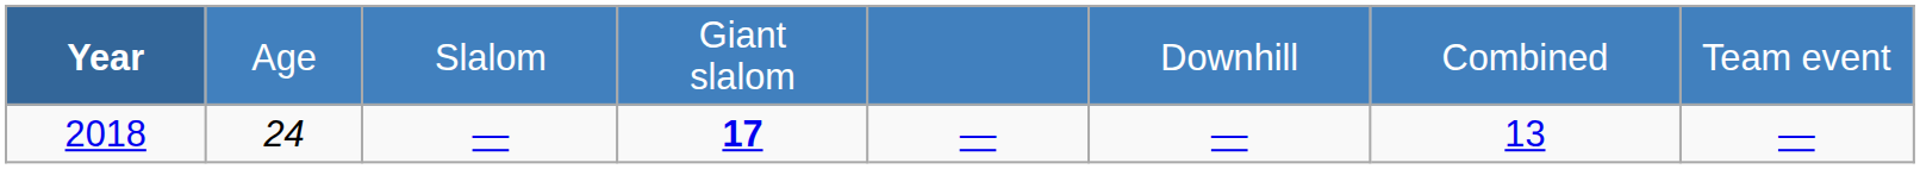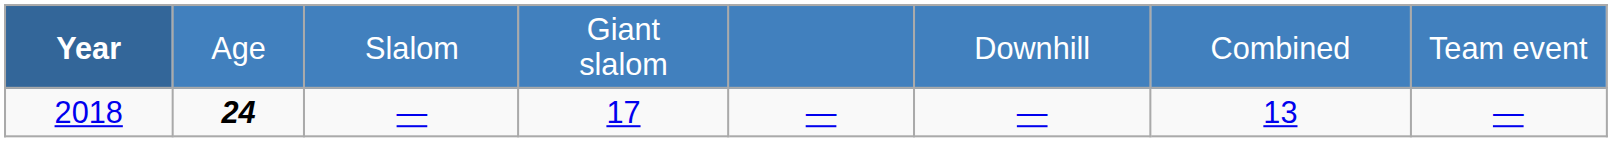 <table class="wikitable"  style="font-size:95%; text-align:center; border:gray solid 1px; width:40%;">
 <tr style="background:#369; color:white;">
 <td rowspan="2" style="width:4%;"><strong>Year</strong></td>
 </tr>
 <tr style="background:#4180be; color:white;">
 <td style="width:3%;">Age</td>
 <td style="width:5%;">Slalom</td>
 <td style="width:5%;">Giant<br>slalom</td>
 <td style="width:5%;"></td>
 <td style="width:5%;">Downhill</td>
 <td style="width:5%;">Combined</td>
 <td style="width:5%">Team event</td>
 </tr>
 <tr>
 <td><a href='#'>2018</a></td>
-<td><em>24</em></td>
+<td><strong><em>24</em></strong></td>
 <td><a href='#'>—</a></td>
-<td><strong><a href='#'>17</a></strong></td>
+<td><a href='#'>17</a></td>
 <td><a href='#'>—</a></td>
 <td><a href='#'>—</a></td>
 <td><a href='#'>13</a></td>
 <td><a href='#'>—</a></td>
 </tr>
 </table>
